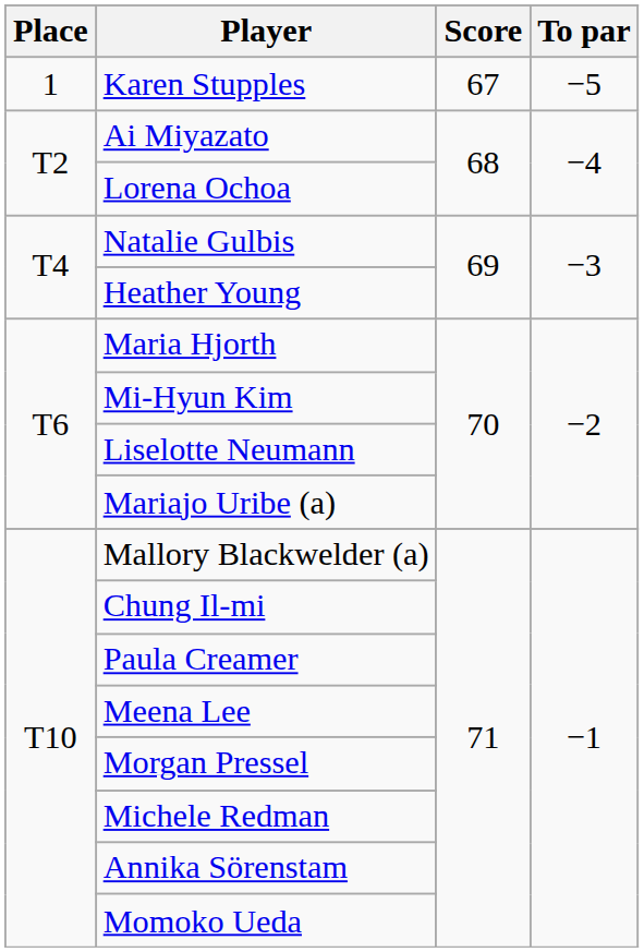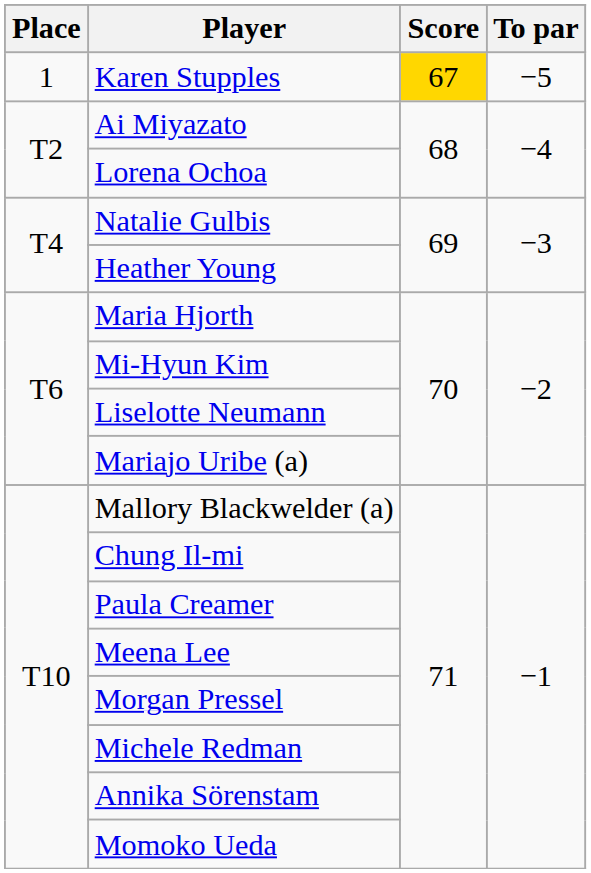 <table class="wikitable">
 <tr>
 <th>Place</th>
 <th>Player</th>
 <th>Score</th>
 <th>To par</th>
 </tr>
 <tr>
 <td align=center>1</td>
 <td> <a href='#'>Karen Stupples</a></td>
-<td align=center>67</td>
+<td align=center style="background: gold;">67</td>
 <td align=center>−5</td>
 </tr>
 <tr>
 <td rowspan=2 align=center>T2</td>
 <td> <a href='#'>Ai Miyazato</a></td>
 <td rowspan=2 align=center>68</td>
 <td rowspan=2 align=center>−4</td>
 </tr>
 <tr>
 <td> <a href='#'>Lorena Ochoa</a></td>
 </tr>
 <tr>
 <td rowspan=2 align=center>T4</td>
 <td> <a href='#'>Natalie Gulbis</a></td>
 <td rowspan=2 align=center>69</td>
 <td rowspan=2 align=center>−3</td>
 </tr>
 <tr>
 <td> <a href='#'>Heather Young</a></td>
 </tr>
 <tr>
 <td rowspan=4 align=center>T6</td>
 <td> <a href='#'>Maria Hjorth</a></td>
 <td rowspan=4 align=center>70</td>
 <td rowspan=4 align=center>−2</td>
 </tr>
 <tr>
 <td> <a href='#'>Mi-Hyun Kim</a></td>
 </tr>
 <tr>
 <td> <a href='#'>Liselotte Neumann</a></td>
 </tr>
 <tr>
 <td> <a href='#'>Mariajo Uribe</a> (a)</td>
 </tr>
 <tr>
 <td rowspan=8 align=center>T10</td>
 <td> Mallory Blackwelder (a)</td>
 <td rowspan=8 align=center>71</td>
 <td rowspan=8 align=center>−1</td>
 </tr>
 <tr>
 <td> <a href='#'>Chung Il-mi</a></td>
 </tr>
 <tr>
 <td> <a href='#'>Paula Creamer</a></td>
 </tr>
 <tr>
 <td> <a href='#'>Meena Lee</a></td>
 </tr>
 <tr>
 <td> <a href='#'>Morgan Pressel</a></td>
 </tr>
 <tr>
 <td> <a href='#'>Michele Redman</a></td>
 </tr>
 <tr>
 <td> <a href='#'>Annika Sörenstam</a></td>
 </tr>
 <tr>
 <td> <a href='#'>Momoko Ueda</a></td>
 </tr>
 </table>
